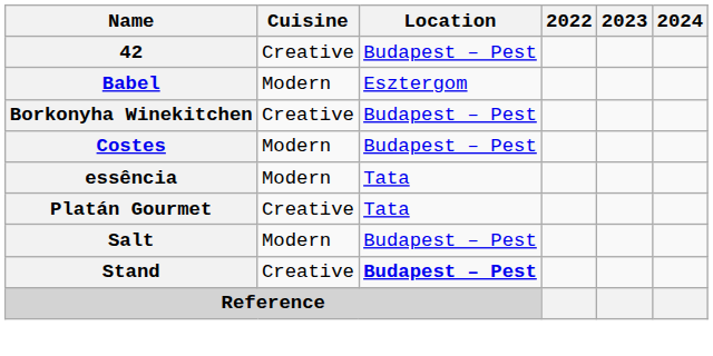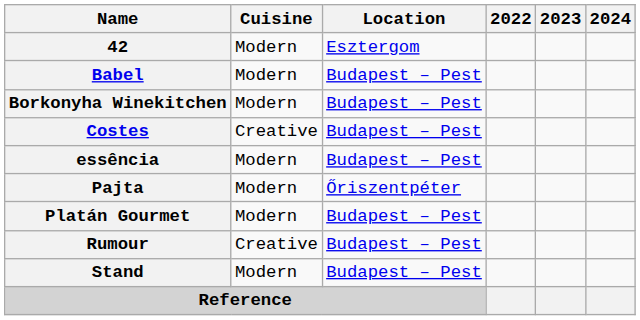 <table class="wikitable sortable plainrowheaders" style="text-align:left;"">
 <tr>
 <th scope="col">Name</th>
 <th scope="col">Cuisine</th>
 <th scope="col">Location</th>
 <th scope="col">2022</th>
 <th scope="col">2023</th>
 <th scope="col">2024</th>
 </tr>
 <tr>
 <th scope="row">42</th>
-<td>Creative</td>
-<td><a href='#'>Budapest – Pest</a></td>
+<td>Modern</td>
+<td><a href='#'>Esztergom</a></td>
 <td></td>
 <td></td>
 <td></td>
 </tr>
 <tr>
 <th scope="row"><a href='#'>Babel</a></th>
 <td>Modern</td>
-<td><a href='#'>Esztergom</a></td>
+<td><a href='#'>Budapest – Pest</a></td>
 <td></td>
 <td></td>
 <td></td>
 </tr>
 <tr>
 <th scope="row">Borkonyha Winekitchen</th>
-<td>Creative</td>
+<td>Modern</td>
 <td><a href='#'>Budapest – Pest</a></td>
 <td></td>
 <td></td>
 <td></td>
 </tr>
 <tr>
 <th scope="row"><a href='#'>Costes</a></th>
-<td>Modern</td>
+<td>Creative</td>
 <td><a href='#'>Budapest – Pest</a></td>
 <td></td>
 <td></td>
 <td></td>
 </tr>
 <tr>
 <th scope="row">essência</th>
 <td>Modern</td>
-<td><a href='#'>Tata</a></td>
+<td><a href='#'>Budapest – Pest</a></td>
+<td></td>
+<td></td>
+<td></td>
+</tr>
+<tr>
+<th scope="row">Pajta</th>
+<td>Modern</td>
+<td><a href='#'>Őriszentpéter</a></td>
 <td></td>
 <td></td>
 <td></td>
 </tr>
 <tr>
 <th scope="row">Platán Gourmet</th>
-<td>Creative</td>
-<td><a href='#'>Tata</a></td>
-<td></td>
-<td></td>
-<td></td>
-</tr>
-<tr>
-<th scope="row">Salt</th>
 <td>Modern</td>
 <td><a href='#'>Budapest – Pest</a></td>
 <td></td>
 <td></td>
 <td></td>
 </tr>
 <tr>
+<th scope="row">Rumour</th>
+<td>Creative</td>
+<td><a href='#'>Budapest – Pest</a></td>
+<td></td>
+<td></td>
+<td></td>
+</tr>
+<tr>
 <th scope="row">Stand</th>
-<td>Creative</td>
-<td><strong><a href='#'>Budapest – Pest</a></strong></td>
+<td>Modern</td>
+<td><a href='#'>Budapest – Pest</a></td>
 <td></td>
 <td></td>
 <td></td>
 </tr>
 <tr>
 <th colspan="3" style="text-align: center;background: lightgray;">Reference</th>
 <th></th>
 <th></th>
 <th></th>
 </tr>
 </table>
